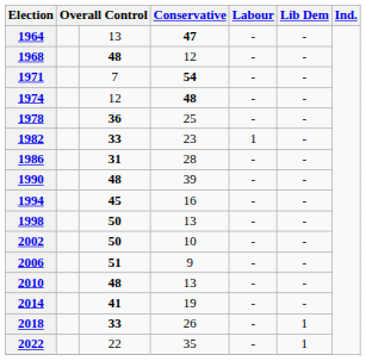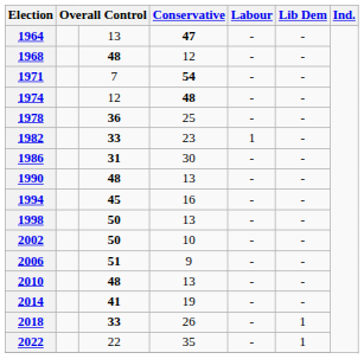 <table class="wikitable">
 <tr>
 <th>Election</th>
 <th colspan=2>Overall Control</th>
 <th><a href='#'>Conservative</a></th>
 <th><a href='#'>Labour</a></th>
 <th><a href='#'>Lib Dem</a></th>
 <th><a href='#'>Ind.</a></th>
 </tr>
 <tr>
 <th><a href='#'>1964</a></th>
 <td></td>
 <td style="text-align: center;">13</td>
 <td style="text-align: center;"><strong>47</strong></td>
 <td style="text-align: center;">-</td>
 <td style="text-align: center;">-</td>
 </tr>
 <tr>
 <th><a href='#'>1968</a></th>
 <td></td>
 <td style="text-align: center;"><strong>48</strong></td>
 <td style="text-align: center;">12</td>
 <td style="text-align: center;">-</td>
 <td style="text-align: center;">-</td>
 </tr>
 <tr>
 <th><a href='#'>1971</a></th>
 <td></td>
 <td style="text-align: center;">7</td>
 <td style="text-align: center;"><strong>54</strong></td>
 <td style="text-align: center;">-</td>
 <td style="text-align: center;">-</td>
 </tr>
 <tr>
 <th><a href='#'>1974</a></th>
 <td></td>
 <td style="text-align: center;">12</td>
 <td style="text-align: center;"><strong>48</strong></td>
 <td style="text-align: center;">-</td>
 <td style="text-align: center;">-</td>
 </tr>
 <tr>
 <th><a href='#'>1978</a></th>
 <td></td>
 <td style="text-align: center;"><strong>36</strong></td>
 <td style="text-align: center;">25</td>
 <td style="text-align: center;">-</td>
 <td style="text-align: center;">-</td>
 </tr>
 <tr>
 <th><a href='#'>1982</a></th>
 <td></td>
 <td style="text-align: center;"><strong>33</strong></td>
 <td style="text-align: center;">23</td>
 <td style="text-align: center;">1</td>
 <td style="text-align: center;">-</td>
 </tr>
 <tr>
 <th><a href='#'>1986</a></th>
 <td></td>
 <td style="text-align: center;"><strong>31</strong></td>
-<td style="text-align: center;">28</td>
+<td style="text-align: center;">30</td>
 <td style="text-align: center;">-</td>
 <td style="text-align: center;">-</td>
 </tr>
 <tr>
 <th><a href='#'>1990</a></th>
 <td></td>
 <td style="text-align: center;"><strong>48</strong></td>
-<td style="text-align: center;">39</td>
+<td style="text-align: center;">13</td>
 <td style="text-align: center;">-</td>
 <td style="text-align: center;">-</td>
 </tr>
 <tr>
 <th><a href='#'>1994</a></th>
 <td></td>
 <td style="text-align: center;"><strong>45</strong></td>
 <td style="text-align: center;">16</td>
 <td style="text-align: center;">-</td>
 <td style="text-align: center;">-</td>
 </tr>
 <tr>
 <th><a href='#'>1998</a></th>
 <td></td>
 <td style="text-align: center;"><strong>50</strong></td>
 <td style="text-align: center;">13</td>
 <td style="text-align: center;">-</td>
 <td style="text-align: center;">-</td>
 </tr>
 <tr>
 <th><a href='#'>2002</a></th>
 <td></td>
 <td style="text-align: center;"><strong>50</strong></td>
 <td style="text-align: center;">10</td>
 <td style="text-align: center;">-</td>
 <td style="text-align: center;">-</td>
 </tr>
 <tr>
 <th><a href='#'>2006</a></th>
 <td></td>
 <td style="text-align: center;"><strong>51</strong></td>
 <td style="text-align: center;">9</td>
 <td style="text-align: center;">-</td>
 <td style="text-align: center;">-</td>
 </tr>
 <tr>
 <th><a href='#'>2010</a></th>
 <td></td>
 <td style="text-align: center;"><strong>48</strong></td>
 <td style="text-align: center;">13</td>
 <td style="text-align: center;">-</td>
 <td style="text-align: center;">-</td>
 </tr>
 <tr>
 <th><a href='#'>2014</a></th>
 <td></td>
 <td style="text-align: center;"><strong>41</strong></td>
 <td style="text-align: center;">19</td>
 <td style="text-align: center;">-</td>
 <td style="text-align: center;">-</td>
 </tr>
 <tr>
 <th><a href='#'>2018</a></th>
 <td></td>
 <td style="text-align: center;"><strong>33</strong></td>
 <td style="text-align: center;">26</td>
 <td style="text-align: center;">-</td>
 <td style="text-align: center;">1</td>
 </tr>
 <tr>
 <th><a href='#'>2022</a></th>
 <td></td>
 <td style="text-align: center;">22</td>
 <td style="text-align: center;">35</td>
 <td style="text-align: center;">-</td>
 <td style="text-align: center;">1</td>
 </tr>
 <tr>
 </tr>
 </table>
